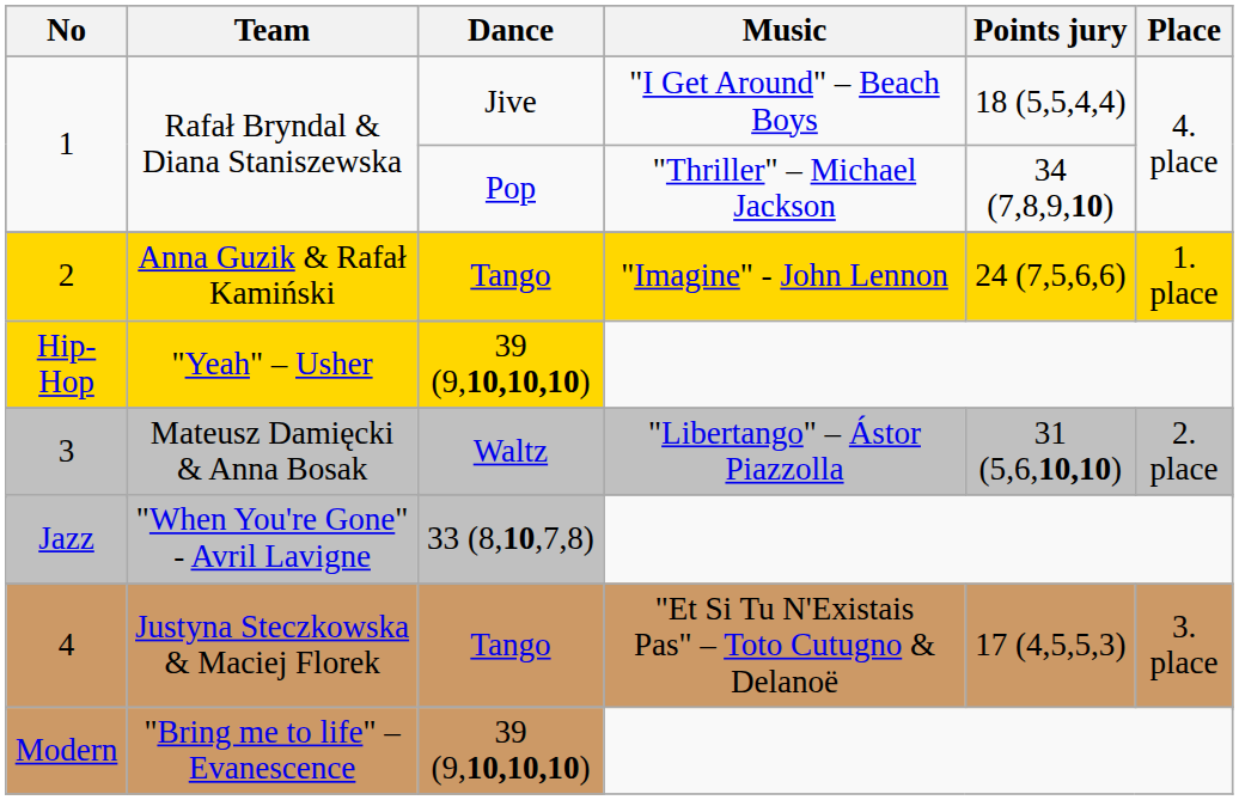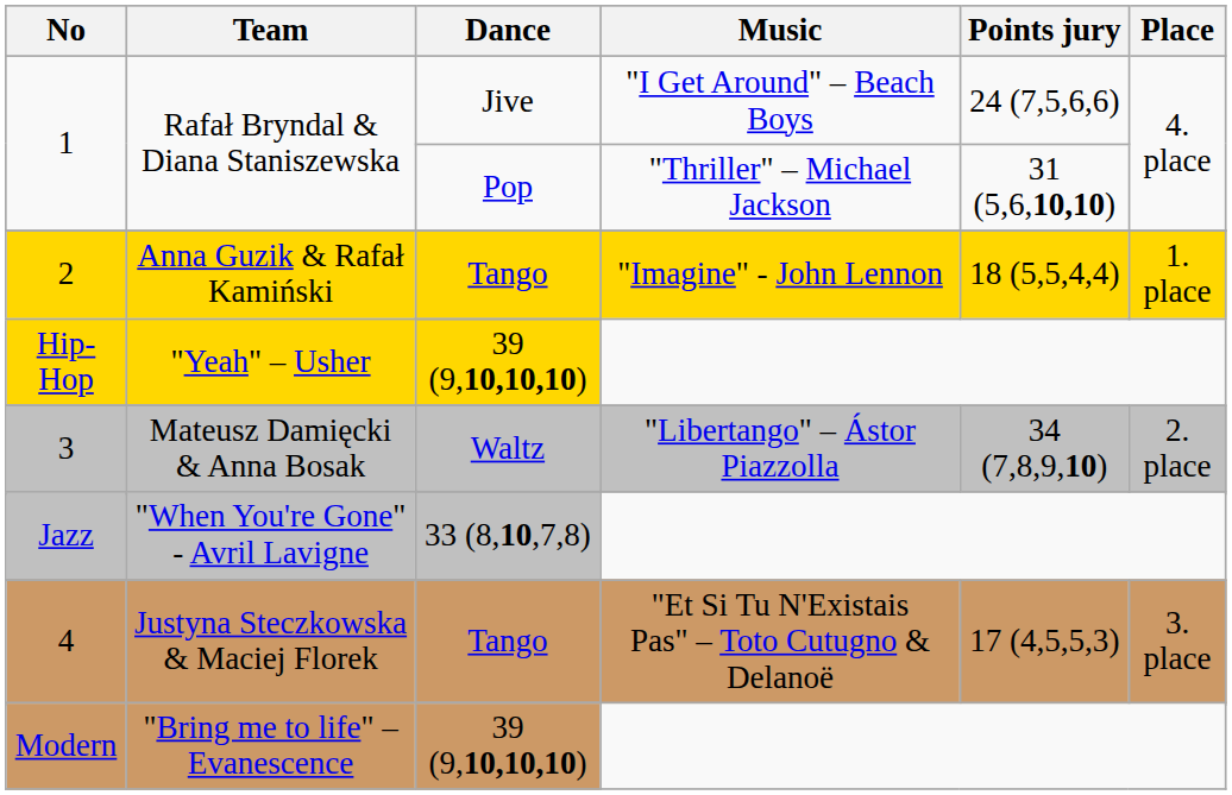 <table class="sortable wikitable" style="text-align:center">
 <tr>
 <th>No</th>
 <th>Team</th>
 <th>Dance</th>
 <th>Music</th>
 <th>Points jury</th>
 <th>Place</th>
 </tr>
 <tr>
 <td rowspan=2>1</td>
 <td rowspan=2>Rafał Bryndal & Diana Staniszewska</td>
 <td>Jive</td>
 <td>"<a href='#'>I Get Around</a>" – <a href='#'>Beach Boys</a></td>
-<td>18 (5,5,4,4)</td>
+<td>24 (7,5,6,6)</td>
 <td rowspan=2>4. place</td>
 </tr>
 <tr>
 <td><a href='#'>Pop</a></td>
 <td>"<a href='#'>Thriller</a>" – <a href='#'>Michael Jackson</a></td>
-<td>34 (7,8,9,<strong>10</strong>)</td>
+<td>31 (5,6,<strong>10,10</strong>)</td>
 </tr>
 <tr>
 </tr>
 <tr bgcolor="gold">
 <td rowspan=2>2</td>
 <td rowspan=2><a href='#'>Anna Guzik</a> & Rafał Kamiński</td>
 <td><a href='#'>Tango</a></td>
 <td>"<a href='#'>Imagine</a>" - <a href='#'>John Lennon</a></td>
-<td>24 (7,5,6,6)</td>
+<td>18 (5,5,4,4)</td>
 <td rowspan=2>1. place</td>
 </tr>
 <tr>
 </tr>
 <tr bgcolor="gold">
 <td><a href='#'>Hip-Hop</a></td>
 <td>"<a href='#'>Yeah</a>" – <a href='#'>Usher</a></td>
 <td>39 (9,<strong>10,10,10</strong>)</td>
 </tr>
 <tr>
 </tr>
 <tr bgcolor="silver">
 <td rowspan=2>3</td>
 <td rowspan=2>Mateusz Damięcki & Anna Bosak</td>
 <td><a href='#'>Waltz</a></td>
 <td>"<a href='#'>Libertango</a>" – <a href='#'>Ástor Piazzolla</a></td>
-<td>31 (5,6,<strong>10,10</strong>)</td>
+<td>34 (7,8,9,<strong>10</strong>)</td>
 <td rowspan=2>2. place</td>
 </tr>
 <tr>
 </tr>
 <tr bgcolor="silver">
 <td><a href='#'>Jazz</a></td>
 <td>"<a href='#'>When You're Gone</a>" - <a href='#'>Avril Lavigne</a></td>
 <td>33 (8,<strong>10</strong>,7,8)</td>
 </tr>
 <tr>
 </tr>
 <tr bgcolor="#cc9966">
 <td rowspan=2>4</td>
 <td rowspan=2><a href='#'>Justyna Steczkowska</a> & Maciej Florek</td>
 <td><a href='#'>Tango</a></td>
 <td>"Et Si Tu N'Existais Pas" – <a href='#'>Toto Cutugno</a> & Delanoë</td>
 <td>17 (4,5,5,3)</td>
 <td rowspan=2>3. place</td>
 </tr>
 <tr>
 </tr>
 <tr bgcolor="#cc9966">
 <td><a href='#'>Modern</a></td>
 <td>"<a href='#'>Bring me to life</a>" – <a href='#'>Evanescence</a></td>
 <td>39 (9,<strong>10,10,10</strong>)</td>
 </tr>
 </table>
